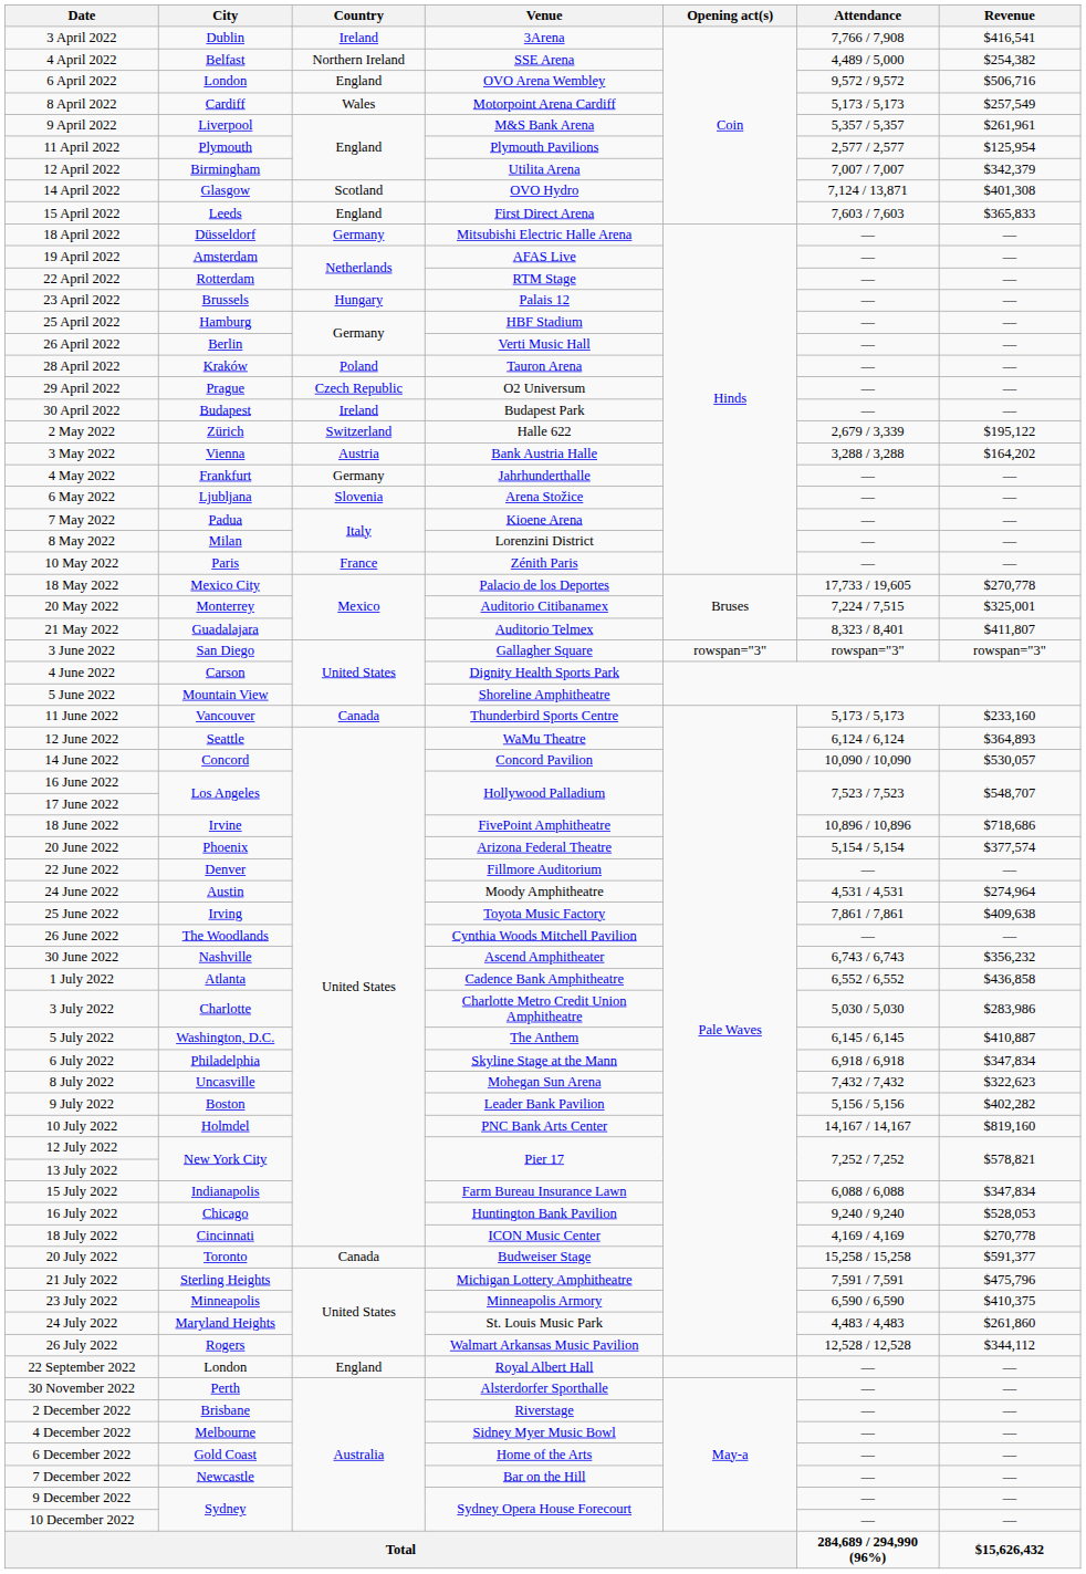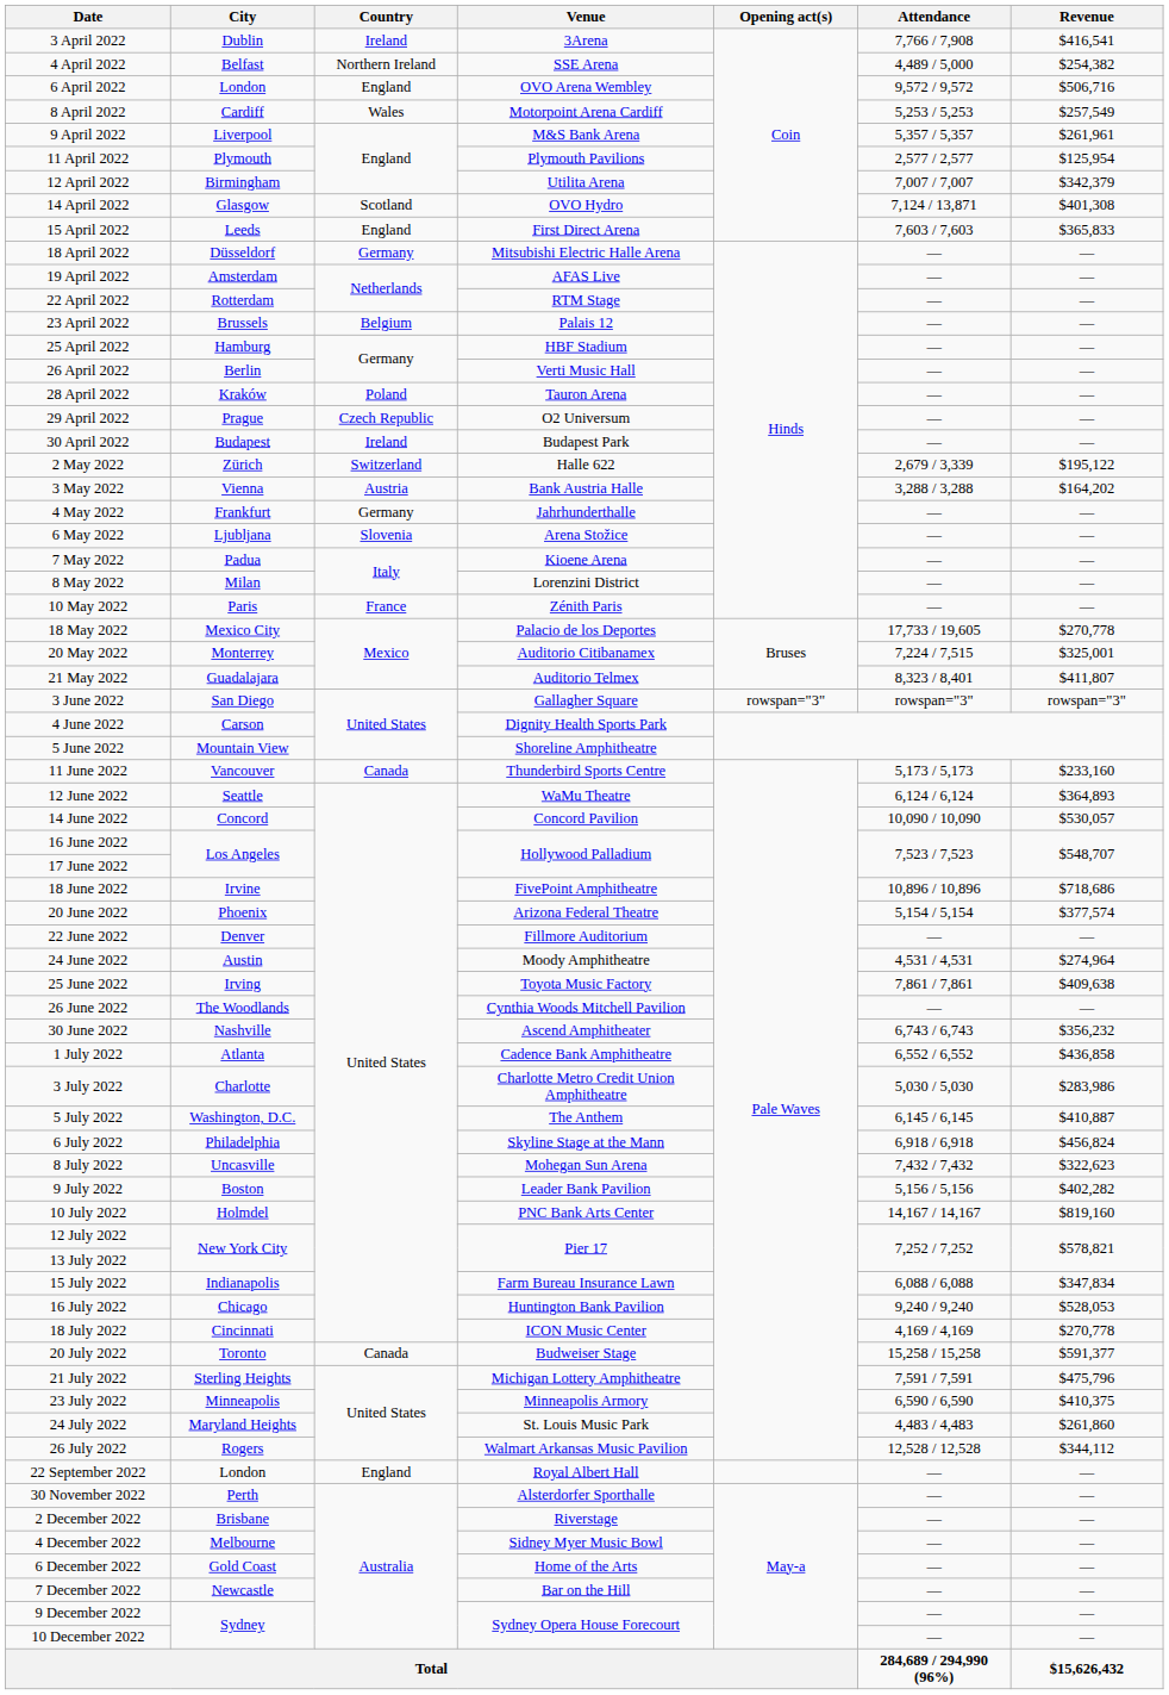 <table class="wikitable" style="text-align:center;">
 <tr>
 <th width="175">Date</th>
 <th width="150">City</th>
 <th width="150">Country</th>
 <th width="275">Venue</th>
 <th width="150">Opening act(s)</th>
 <th scope="col" style="width:10em;">Attendance</th>
 <th scope="col" style="width:10em;">Revenue</th>
 </tr>
 <tr>
 <td>3 April 2022</td>
 <td><a href='#'>Dublin</a></td>
 <td><a href='#'>Ireland</a></td>
 <td><a href='#'>3Arena</a></td>
 <td rowspan="9"><a href='#'>Coin</a></td>
 <td>7,766 / 7,908</td>
 <td>$416,541</td>
 </tr>
 <tr>
 <td>4 April 2022</td>
 <td><a href='#'>Belfast</a></td>
 <td>Northern Ireland</td>
 <td><a href='#'>SSE Arena</a></td>
 <td>4,489 / 5,000</td>
 <td>$254,382</td>
 </tr>
 <tr>
 <td>6 April 2022</td>
 <td><a href='#'>London</a></td>
 <td>England</td>
 <td><a href='#'>OVO Arena Wembley</a></td>
 <td>9,572 / 9,572</td>
 <td>$506,716</td>
 </tr>
 <tr>
 <td>8 April 2022</td>
 <td><a href='#'>Cardiff</a></td>
 <td>Wales</td>
 <td><a href='#'>Motorpoint Arena Cardiff</a></td>
-<td>5,173 / 5,173</td>
+<td>5,253 / 5,253</td>
 <td>$257,549</td>
 </tr>
 <tr>
 <td>9 April 2022</td>
 <td><a href='#'>Liverpool</a></td>
 <td rowspan="3">England</td>
 <td><a href='#'>M&S Bank Arena</a></td>
 <td>5,357 / 5,357</td>
 <td>$261,961</td>
 </tr>
 <tr>
 <td>11 April 2022</td>
 <td><a href='#'>Plymouth</a></td>
 <td><a href='#'>Plymouth Pavilions</a></td>
 <td>2,577 / 2,577</td>
 <td>$125,954</td>
 </tr>
 <tr>
 <td>12 April 2022</td>
 <td><a href='#'>Birmingham</a></td>
 <td><a href='#'>Utilita Arena</a></td>
 <td>7,007 / 7,007</td>
 <td>$342,379</td>
 </tr>
 <tr>
 <td>14 April 2022</td>
 <td><a href='#'>Glasgow</a></td>
 <td>Scotland</td>
 <td><a href='#'>OVO Hydro</a></td>
 <td>7,124 / 13,871</td>
 <td>$401,308</td>
 </tr>
 <tr>
 <td>15 April 2022</td>
 <td><a href='#'>Leeds</a></td>
 <td>England</td>
 <td><a href='#'>First Direct Arena</a></td>
 <td>7,603 / 7,603</td>
 <td>$365,833</td>
 </tr>
 <tr>
 <td>18 April 2022</td>
 <td><a href='#'>Düsseldorf</a></td>
 <td><a href='#'>Germany</a></td>
 <td><a href='#'>Mitsubishi Electric Halle Arena</a></td>
 <td rowspan="16"><a href='#'>Hinds</a></td>
 <td>—</td>
 <td>—</td>
 </tr>
 <tr>
 <td>19 April 2022</td>
 <td><a href='#'>Amsterdam</a></td>
 <td rowspan="2"><a href='#'>Netherlands</a></td>
 <td><a href='#'>AFAS Live</a></td>
 <td>—</td>
 <td>—</td>
 </tr>
 <tr>
 <td>22 April 2022</td>
 <td><a href='#'>Rotterdam</a></td>
 <td><a href='#'>RTM Stage</a></td>
 <td>—</td>
 <td>—</td>
 </tr>
 <tr>
 <td>23 April 2022</td>
 <td><a href='#'>Brussels</a></td>
-<td><a href='#'>Hungary</a></td>
+<td><a href='#'>Belgium</a></td>
 <td><a href='#'>Palais 12</a></td>
 <td>—</td>
 <td>—</td>
 </tr>
 <tr>
 <td>25 April 2022</td>
 <td><a href='#'>Hamburg</a></td>
 <td rowspan="2">Germany</td>
 <td><a href='#'>HBF Stadium</a></td>
 <td>—</td>
 <td>—</td>
 </tr>
 <tr>
 <td>26 April 2022</td>
 <td><a href='#'>Berlin</a></td>
 <td><a href='#'>Verti Music Hall</a></td>
 <td>—</td>
 <td>—</td>
 </tr>
 <tr>
 <td>28 April 2022</td>
 <td><a href='#'>Kraków</a></td>
 <td><a href='#'>Poland</a></td>
 <td><a href='#'>Tauron Arena</a></td>
 <td>—</td>
 <td>—</td>
 </tr>
 <tr>
 <td>29 April 2022</td>
 <td><a href='#'>Prague</a></td>
 <td><a href='#'>Czech Republic</a></td>
 <td>O2 Universum</td>
 <td>—</td>
 <td>—</td>
 </tr>
 <tr>
 <td>30 April 2022</td>
 <td><a href='#'>Budapest</a></td>
 <td><a href='#'>Ireland</a></td>
 <td>Budapest Park</td>
 <td>—</td>
 <td>—</td>
 </tr>
 <tr>
 <td>2 May 2022</td>
 <td><a href='#'>Zürich</a></td>
 <td><a href='#'>Switzerland</a></td>
 <td>Halle 622</td>
 <td>2,679 / 3,339</td>
 <td>$195,122</td>
 </tr>
 <tr>
 <td>3 May 2022</td>
 <td><a href='#'>Vienna</a></td>
 <td><a href='#'>Austria</a></td>
 <td><a href='#'>Bank Austria Halle</a></td>
 <td>3,288 / 3,288</td>
 <td>$164,202</td>
 </tr>
 <tr>
 <td>4 May 2022</td>
 <td><a href='#'>Frankfurt</a></td>
 <td>Germany</td>
 <td><a href='#'>Jahrhunderthalle</a></td>
 <td>—</td>
 <td>—</td>
 </tr>
 <tr>
 <td>6 May 2022</td>
 <td><a href='#'>Ljubljana</a></td>
 <td><a href='#'>Slovenia</a></td>
 <td><a href='#'>Arena Stožice</a></td>
 <td>—</td>
 <td>—</td>
 </tr>
 <tr>
 <td>7 May 2022</td>
 <td><a href='#'>Padua</a></td>
 <td rowspan="2"><a href='#'>Italy</a></td>
 <td><a href='#'>Kioene Arena</a></td>
 <td>—</td>
 <td>—</td>
 </tr>
 <tr>
 <td>8 May 2022</td>
 <td><a href='#'>Milan</a></td>
 <td>Lorenzini District</td>
 <td>—</td>
 <td>—</td>
 </tr>
 <tr>
 <td>10 May 2022</td>
 <td><a href='#'>Paris</a></td>
 <td><a href='#'>France</a></td>
 <td><a href='#'>Zénith Paris</a></td>
 <td>—</td>
 <td>—</td>
 </tr>
 <tr>
 <td>18 May 2022</td>
 <td><a href='#'>Mexico City</a></td>
 <td rowspan="3"><a href='#'>Mexico</a></td>
 <td><a href='#'>Palacio de los Deportes</a></td>
 <td rowspan="3">Bruses</td>
 <td>17,733 / 19,605</td>
 <td>$270,778</td>
 </tr>
 <tr>
 <td>20 May 2022</td>
 <td><a href='#'>Monterrey</a></td>
 <td><a href='#'>Auditorio Citibanamex</a></td>
 <td>7,224 / 7,515</td>
 <td>$325,001</td>
 </tr>
 <tr>
 <td>21 May 2022</td>
 <td><a href='#'>Guadalajara</a></td>
 <td><a href='#'>Auditorio Telmex</a></td>
 <td>8,323 / 8,401</td>
 <td>$411,807</td>
 </tr>
 <tr>
 <td>3 June 2022</td>
 <td><a href='#'>San Diego</a></td>
 <td rowspan="3"><a href='#'>United States</a></td>
 <td><a href='#'>Gallagher Square</a></td>
 <td>rowspan="3" </td>
 <td>rowspan="3" </td>
 <td>rowspan="3" </td>
 </tr>
 <tr>
 <td>4 June 2022</td>
 <td><a href='#'>Carson</a></td>
 <td><a href='#'>Dignity Health Sports Park</a></td>
 </tr>
 <tr>
 <td>5 June 2022</td>
 <td><a href='#'>Mountain View</a></td>
 <td><a href='#'>Shoreline Amphitheatre</a></td>
 </tr>
 <tr>
 <td>11 June 2022</td>
 <td><a href='#'>Vancouver</a></td>
 <td><a href='#'>Canada</a></td>
 <td><a href='#'>Thunderbird Sports Centre</a></td>
 <td rowspan="29"><a href='#'>Pale Waves</a></td>
 <td>5,173 / 5,173</td>
 <td>$233,160</td>
 </tr>
 <tr>
 <td>12 June 2022</td>
 <td><a href='#'>Seattle</a></td>
 <td rowspan="23">United States</td>
 <td><a href='#'>WaMu Theatre</a></td>
 <td>6,124 / 6,124</td>
 <td>$364,893</td>
 </tr>
 <tr>
 <td>14 June 2022</td>
 <td><a href='#'>Concord</a></td>
 <td><a href='#'>Concord Pavilion</a></td>
 <td>10,090 / 10,090</td>
 <td>$530,057</td>
 </tr>
 <tr>
 <td>16 June 2022</td>
 <td rowspan="2"><a href='#'>Los Angeles</a></td>
 <td rowspan="2"><a href='#'>Hollywood Palladium</a></td>
 <td rowspan="2">7,523 / 7,523</td>
 <td rowspan="2">$548,707</td>
 </tr>
 <tr>
 <td>17 June 2022</td>
 </tr>
 <tr>
 <td>18 June 2022</td>
 <td><a href='#'>Irvine</a></td>
 <td><a href='#'>FivePoint Amphitheatre</a></td>
 <td>10,896 / 10,896</td>
 <td>$718,686</td>
 </tr>
 <tr>
 <td>20 June 2022</td>
 <td><a href='#'>Phoenix</a></td>
 <td><a href='#'>Arizona Federal Theatre</a></td>
 <td>5,154 / 5,154</td>
 <td>$377,574</td>
 </tr>
 <tr>
 <td>22 June 2022</td>
 <td><a href='#'>Denver</a></td>
 <td><a href='#'>Fillmore Auditorium</a></td>
 <td>—</td>
 <td>—</td>
 </tr>
 <tr>
 <td>24 June 2022</td>
 <td><a href='#'>Austin</a></td>
 <td>Moody Amphitheatre</td>
 <td>4,531 / 4,531</td>
 <td>$274,964</td>
 </tr>
 <tr>
 <td>25 June 2022</td>
 <td><a href='#'>Irving</a></td>
 <td><a href='#'>Toyota Music Factory</a></td>
 <td>7,861 / 7,861</td>
 <td>$409,638</td>
 </tr>
 <tr>
 <td>26 June 2022</td>
 <td><a href='#'>The Woodlands</a></td>
 <td><a href='#'>Cynthia Woods Mitchell Pavilion</a></td>
 <td>—</td>
 <td>—</td>
 </tr>
 <tr>
 <td>30 June 2022</td>
 <td><a href='#'>Nashville</a></td>
 <td><a href='#'>Ascend Amphitheater</a></td>
 <td>6,743 / 6,743</td>
 <td>$356,232</td>
 </tr>
 <tr>
 <td>1 July 2022</td>
 <td><a href='#'>Atlanta</a></td>
 <td><a href='#'>Cadence Bank Amphitheatre</a></td>
 <td>6,552 / 6,552</td>
 <td>$436,858</td>
 </tr>
 <tr>
 <td>3 July 2022</td>
 <td><a href='#'>Charlotte</a></td>
 <td><a href='#'>Charlotte Metro Credit Union Amphitheatre</a></td>
 <td>5,030 / 5,030</td>
 <td>$283,986</td>
 </tr>
 <tr>
 <td>5 July 2022</td>
 <td><a href='#'>Washington, D.C.</a></td>
 <td><a href='#'>The Anthem</a></td>
 <td>6,145 / 6,145</td>
 <td>$410,887</td>
 </tr>
 <tr>
 <td>6 July 2022</td>
 <td><a href='#'>Philadelphia</a></td>
 <td><a href='#'>Skyline Stage at the Mann</a></td>
 <td>6,918 / 6,918</td>
-<td>$347,834</td>
+<td>$456,824</td>
 </tr>
 <tr>
 <td>8 July 2022</td>
 <td><a href='#'>Uncasville</a></td>
 <td><a href='#'>Mohegan Sun Arena</a></td>
 <td>7,432 / 7,432</td>
 <td>$322,623</td>
 </tr>
 <tr>
 <td>9 July 2022</td>
 <td><a href='#'>Boston</a></td>
 <td><a href='#'>Leader Bank Pavilion</a></td>
 <td>5,156 / 5,156</td>
 <td>$402,282</td>
 </tr>
 <tr>
 <td>10 July 2022</td>
 <td><a href='#'>Holmdel</a></td>
 <td><a href='#'>PNC Bank Arts Center</a></td>
 <td>14,167 / 14,167</td>
 <td>$819,160</td>
 </tr>
 <tr>
 <td>12 July 2022</td>
 <td rowspan="2"><a href='#'>New York City</a></td>
 <td rowspan="2"><a href='#'>Pier 17</a></td>
 <td rowspan="2">7,252 / 7,252</td>
 <td rowspan="2">$578,821</td>
 </tr>
 <tr>
 <td>13 July 2022</td>
 </tr>
 <tr>
 <td>15 July 2022</td>
 <td><a href='#'>Indianapolis</a></td>
 <td><a href='#'>Farm Bureau Insurance Lawn</a></td>
 <td>6,088 / 6,088</td>
 <td>$347,834</td>
 </tr>
 <tr>
 <td>16 July 2022</td>
 <td><a href='#'>Chicago</a></td>
 <td><a href='#'>Huntington Bank Pavilion</a></td>
 <td>9,240 / 9,240</td>
 <td>$528,053</td>
 </tr>
 <tr>
 <td>18 July 2022</td>
 <td><a href='#'>Cincinnati</a></td>
 <td><a href='#'>ICON Music Center</a></td>
 <td>4,169 / 4,169</td>
 <td>$270,778</td>
 </tr>
 <tr>
 <td>20 July 2022</td>
 <td><a href='#'>Toronto</a></td>
 <td rowspan="1">Canada</td>
 <td><a href='#'>Budweiser Stage</a></td>
 <td>15,258 / 15,258</td>
 <td>$591,377</td>
 </tr>
 <tr>
 <td>21 July 2022</td>
 <td><a href='#'>Sterling Heights</a></td>
 <td rowspan="4">United States</td>
 <td><a href='#'>Michigan Lottery Amphitheatre</a></td>
 <td>7,591 / 7,591</td>
 <td>$475,796</td>
 </tr>
 <tr>
 <td>23 July 2022</td>
 <td><a href='#'>Minneapolis</a></td>
 <td><a href='#'>Minneapolis Armory</a></td>
 <td>6,590 / 6,590</td>
 <td>$410,375</td>
 </tr>
 <tr>
 <td>24 July 2022</td>
 <td><a href='#'>Maryland Heights</a></td>
 <td>St. Louis Music Park</td>
 <td>4,483 / 4,483</td>
 <td>$261,860</td>
 </tr>
 <tr>
 <td>26 July 2022</td>
 <td><a href='#'>Rogers</a></td>
 <td><a href='#'>Walmart Arkansas Music Pavilion</a></td>
 <td>12,528 / 12,528</td>
 <td>$344,112</td>
 </tr>
 <tr>
 <td>22 September 2022</td>
 <td>London</td>
 <td>England</td>
 <td><a href='#'>Royal Albert Hall</a></td>
 <td></td>
 <td>—</td>
 <td>—</td>
 </tr>
 <tr>
 <td>30 November 2022</td>
 <td><a href='#'>Perth</a></td>
 <td rowspan="7"><a href='#'>Australia</a></td>
 <td><a href='#'>Alsterdorfer Sporthalle</a></td>
 <td rowspan="7"><a href='#'>May-a</a></td>
 <td>—</td>
 <td>—</td>
 </tr>
 <tr>
 <td>2 December 2022</td>
 <td><a href='#'>Brisbane</a></td>
 <td><a href='#'>Riverstage</a></td>
 <td>—</td>
 <td>—</td>
 </tr>
 <tr>
 <td>4 December 2022</td>
 <td><a href='#'>Melbourne</a></td>
 <td><a href='#'>Sidney Myer Music Bowl</a></td>
 <td>—</td>
 <td>—</td>
 </tr>
 <tr>
 <td>6 December 2022</td>
 <td><a href='#'>Gold Coast</a></td>
 <td><a href='#'>Home of the Arts</a></td>
 <td>—</td>
 <td>—</td>
 </tr>
 <tr>
 <td>7 December 2022</td>
 <td><a href='#'>Newcastle</a></td>
 <td><a href='#'>Bar on the Hill</a></td>
 <td>—</td>
 <td>—</td>
 </tr>
 <tr>
 <td>9 December 2022</td>
 <td rowspan="2"><a href='#'>Sydney</a></td>
 <td rowspan="2"><a href='#'>Sydney Opera House Forecourt</a></td>
 <td>—</td>
 <td>—</td>
 </tr>
 <tr>
 <td>10 December 2022</td>
 <td>—</td>
 <td>—</td>
 </tr>
 <tr>
 <th colspan="5">Total</th>
 <td><strong>284,689 / 294,990 (96%)</strong></td>
 <td><strong>$15,626,432</strong></td>
 </tr>
 </table>
